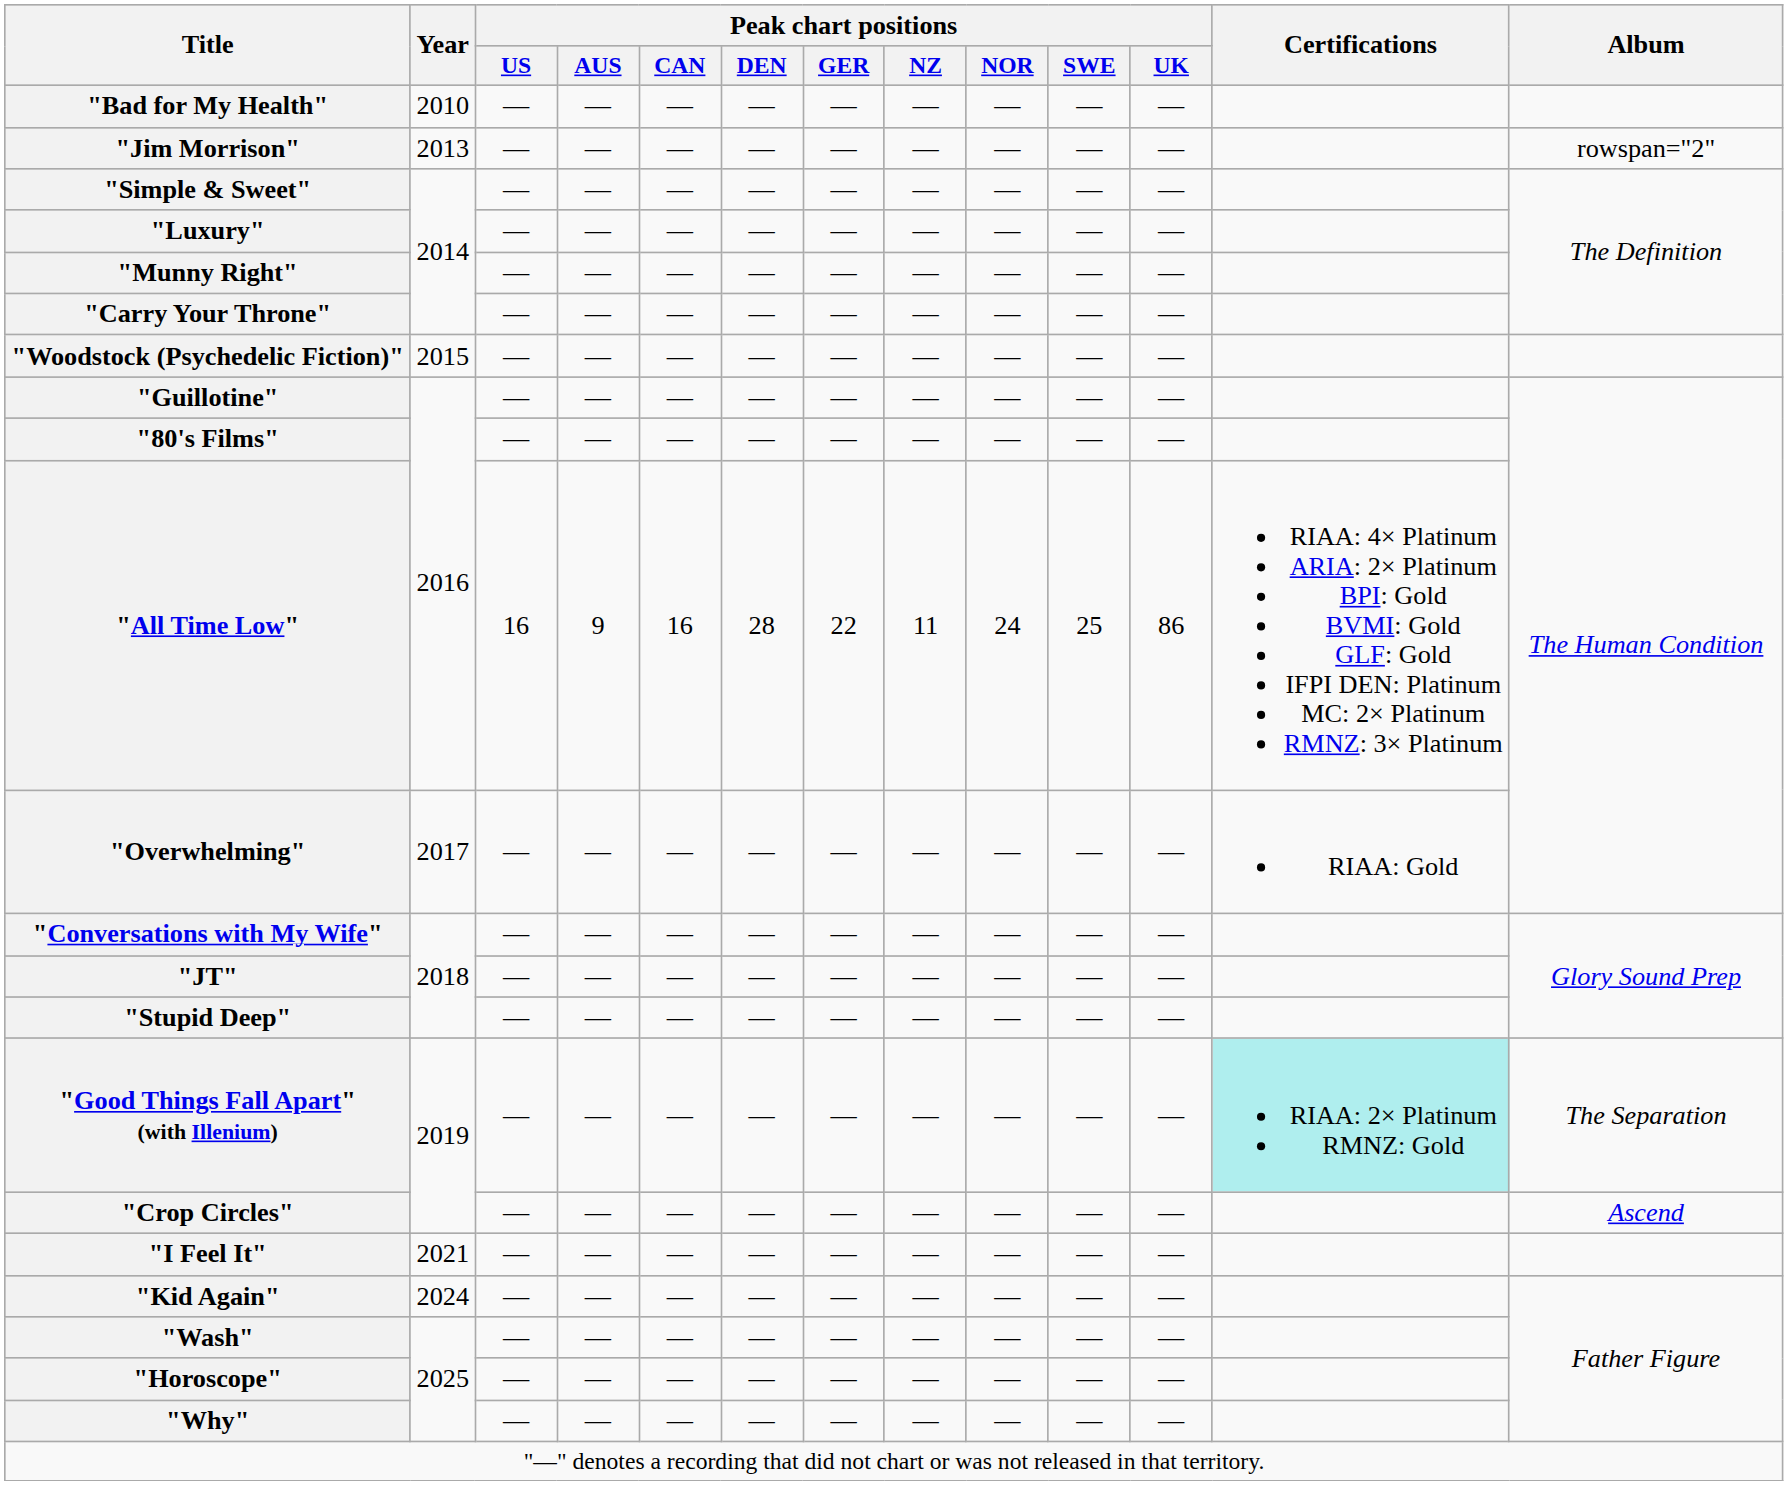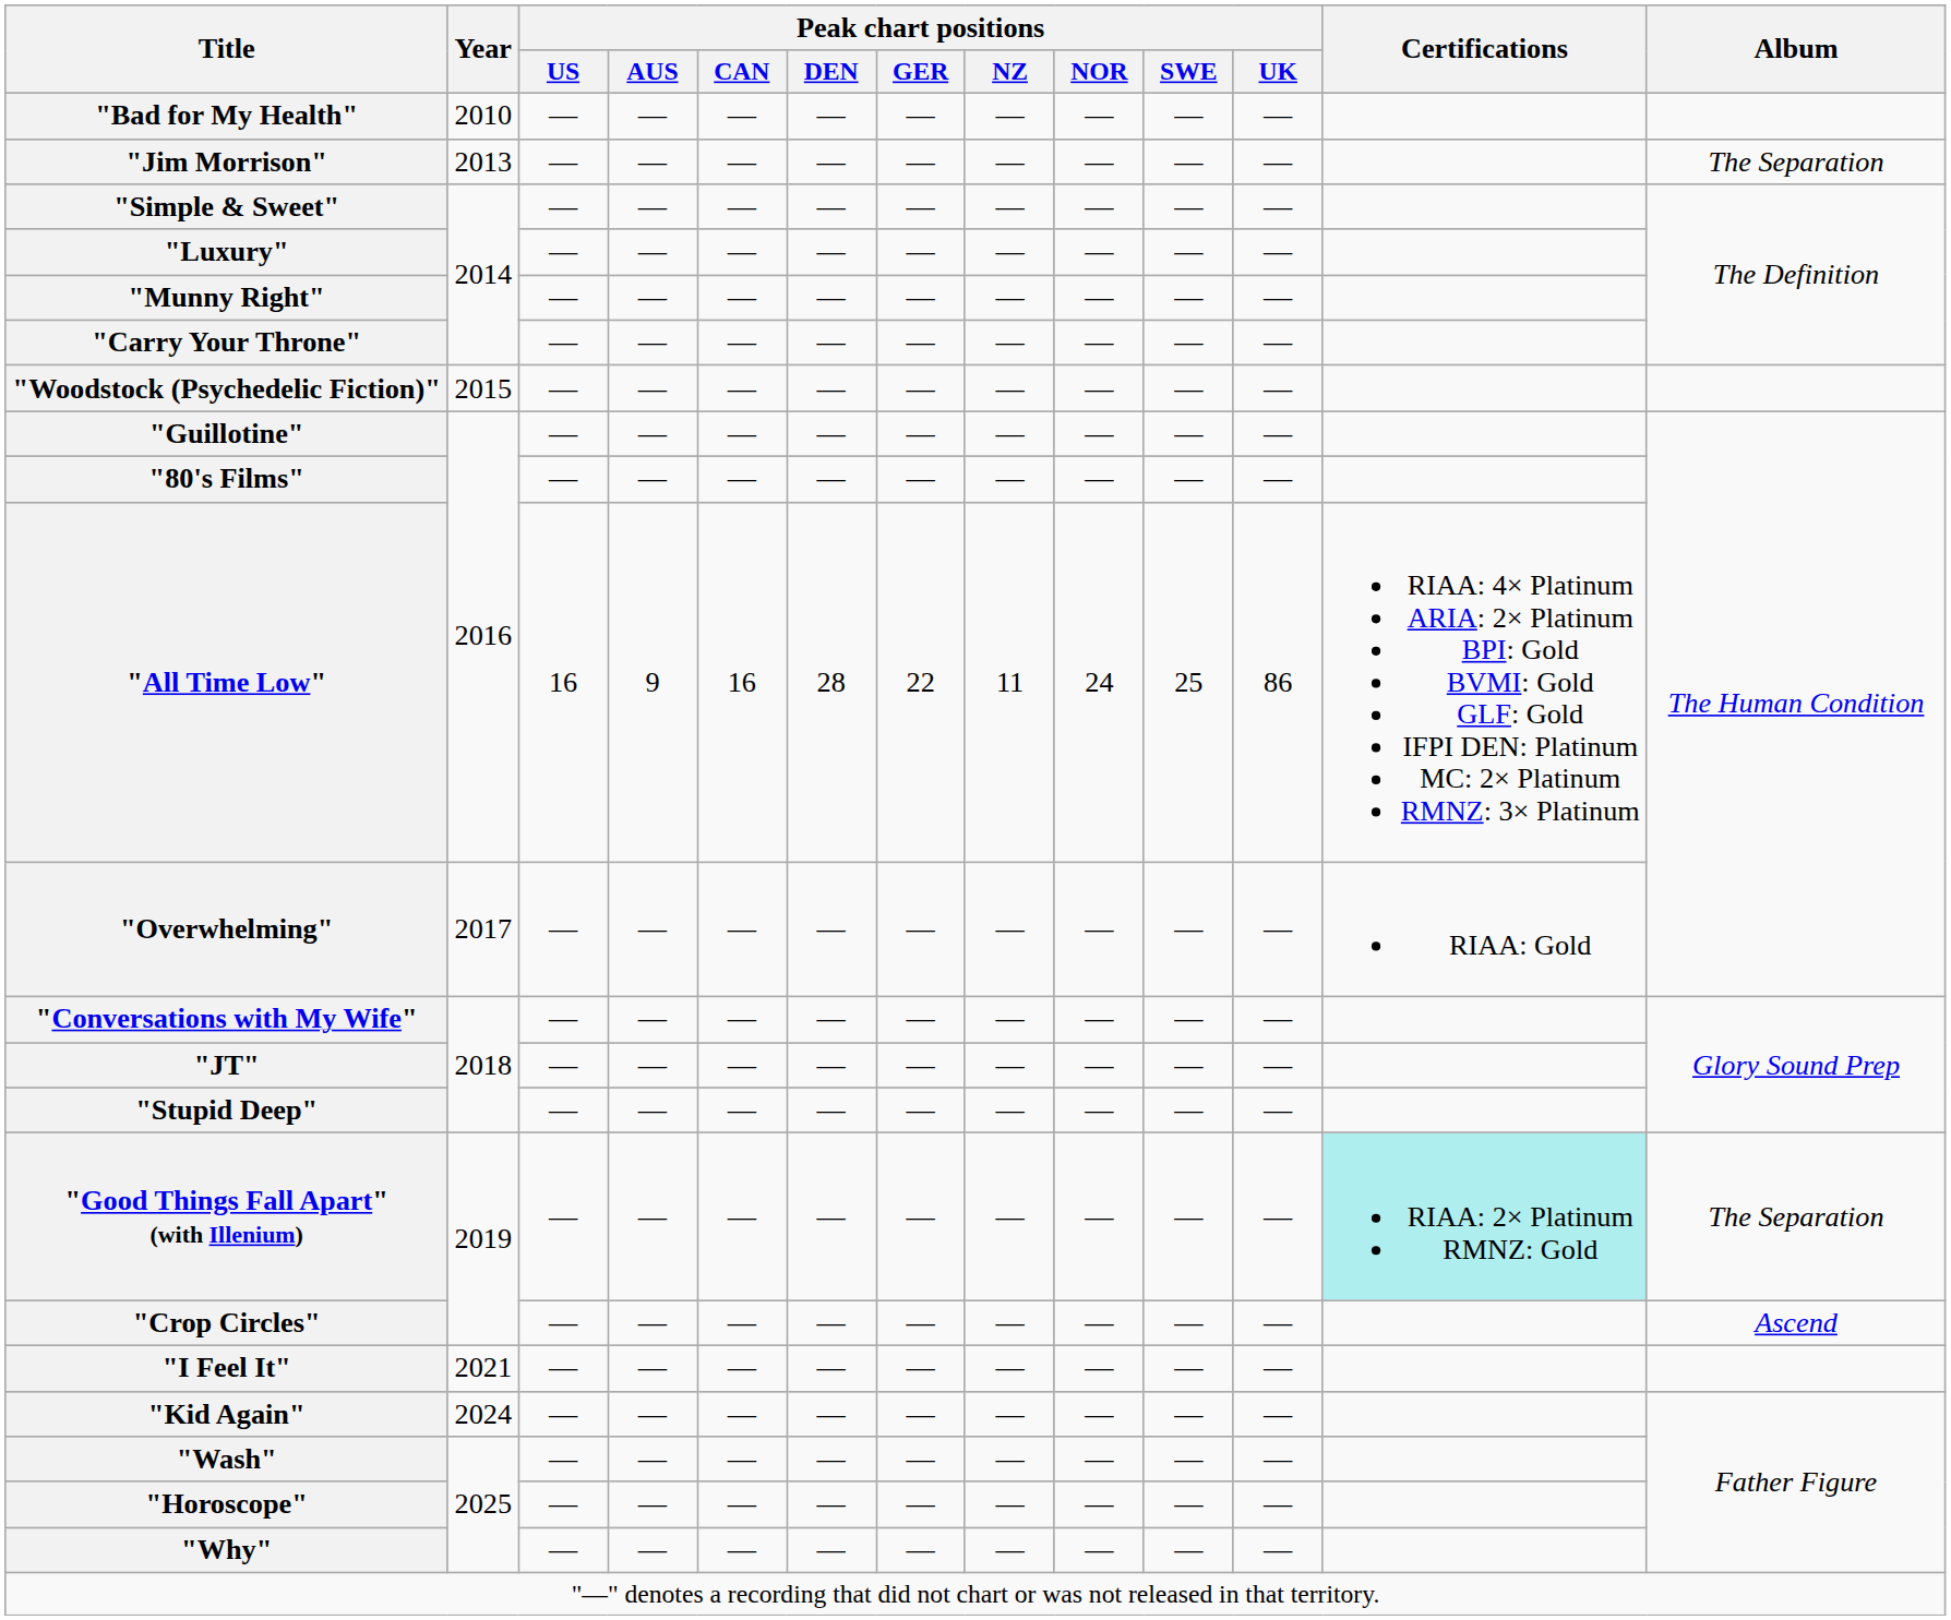 <table class="wikitable plainrowheaders" style="text-align:center;">
 <tr>
 <th scope="col" rowspan="2" style="width:15em;">Title</th>
 <th scope="col" rowspan="2" style="width:1em;">Year</th>
 <th scope="col" colspan="9">Peak chart positions</th>
 <th scope="col" rowspan="2">Certifications</th>
 <th scope="col" rowspan="2" style="width:10em;">Album</th>
 </tr>
 <tr>
 <th scope="col" style="width:3em;font-size:90%;"><a href='#'>US</a><br></th>
 <th scope="col" style="width:3em;font-size:90%;"><a href='#'>AUS</a><br></th>
 <th scope="col" style="width:3em;font-size:90%;"><a href='#'>CAN</a><br></th>
 <th scope="col" style="width:3em;font-size:90%;"><a href='#'>DEN</a><br></th>
 <th scope="col" style="width:3em;font-size:90%;"><a href='#'>GER</a><br></th>
 <th scope="col" style="width:3em;font-size:90%;"><a href='#'>NZ</a><br></th>
 <th scope="col" style="width:3em;font-size:90%;"><a href='#'>NOR</a><br></th>
 <th scope="col" style="width:3em;font-size:90%;"><a href='#'>SWE</a><br></th>
 <th scope="col" style="width:3em;font-size:90%;"><a href='#'>UK</a><br></th>
 </tr>
 <tr>
 <th scope="row">"Bad for My Health"</th>
 <td>2010</td>
 <td>—</td>
 <td>—</td>
 <td>—</td>
 <td>—</td>
 <td>—</td>
 <td>—</td>
 <td>—</td>
 <td>—</td>
 <td>—</td>
 <td></td>
 <td></td>
 </tr>
 <tr>
 <th scope="row">"Jim Morrison"</th>
 <td>2013</td>
 <td>—</td>
 <td>—</td>
 <td>—</td>
 <td>—</td>
 <td>—</td>
 <td>—</td>
 <td>—</td>
 <td>—</td>
 <td>—</td>
 <td></td>
-<td>rowspan="2" </td>
+<td><em>The Separation</em></td>
 </tr>
 <tr>
 <th scope="row">"Simple & Sweet"</th>
 <td rowspan="4">2014</td>
 <td>—</td>
 <td>—</td>
 <td>—</td>
 <td>—</td>
 <td>—</td>
 <td>—</td>
 <td>—</td>
 <td>—</td>
 <td>—</td>
 <td></td>
 <td rowspan="4"><em>The Definition</em></td>
 </tr>
 <tr>
 <th scope="row">"Luxury"</th>
 <td>—</td>
 <td>—</td>
 <td>—</td>
 <td>—</td>
 <td>—</td>
 <td>—</td>
 <td>—</td>
 <td>—</td>
 <td>—</td>
 <td></td>
 </tr>
 <tr>
 <th scope="row">"Munny Right"</th>
 <td>—</td>
 <td>—</td>
 <td>—</td>
 <td>—</td>
 <td>—</td>
 <td>—</td>
 <td>—</td>
 <td>—</td>
 <td>—</td>
 <td></td>
 </tr>
 <tr>
 <th scope="row">"Carry Your Throne"</th>
 <td>—</td>
 <td>—</td>
 <td>—</td>
 <td>—</td>
 <td>—</td>
 <td>—</td>
 <td>—</td>
 <td>—</td>
 <td>—</td>
 <td></td>
 </tr>
 <tr>
 <th scope="row">"Woodstock (Psychedelic Fiction)"</th>
 <td>2015</td>
 <td>—</td>
 <td>—</td>
 <td>—</td>
 <td>—</td>
 <td>—</td>
 <td>—</td>
 <td>—</td>
 <td>—</td>
 <td>—</td>
 <td></td>
 <td></td>
 </tr>
 <tr>
 <th scope="row">"Guillotine" </th>
 <td rowspan="3">2016</td>
 <td>—</td>
 <td>—</td>
 <td>—</td>
 <td>—</td>
 <td>—</td>
 <td>—</td>
 <td>—</td>
 <td>—</td>
 <td>—</td>
 <td></td>
 <td rowspan="4"><em><a href='#'>The Human Condition</a></em></td>
 </tr>
 <tr>
 <th scope="row">"80's Films"</th>
 <td>—</td>
 <td>—</td>
 <td>—</td>
 <td>—</td>
 <td>—</td>
 <td>—</td>
 <td>—</td>
 <td>—</td>
 <td>—</td>
 <td></td>
 </tr>
 <tr>
 <th scope="row">"<a href='#'>All Time Low</a>"</th>
 <td>16</td>
 <td>9</td>
 <td>16</td>
 <td>28</td>
 <td>22</td>
 <td>11</td>
 <td>24</td>
 <td>25</td>
 <td>86</td>
 <td><br><ul><li>RIAA: 4× Platinum</li><li><a href='#'>ARIA</a>: 2× Platinum</li><li><a href='#'>BPI</a>: Gold</li><li><a href='#'>BVMI</a>: Gold</li><li><a href='#'>GLF</a>: Gold</li><li>IFPI DEN: Platinum</li><li>MC: 2× Platinum</li><li><a href='#'>RMNZ</a>: 3× Platinum</li></ul></td>
 </tr>
 <tr>
 <th scope="row">"Overwhelming"</th>
 <td>2017</td>
 <td>—</td>
 <td>—</td>
 <td>—</td>
 <td>—</td>
 <td>—</td>
 <td>—</td>
 <td>—</td>
 <td>—</td>
 <td>—</td>
 <td><br><ul><li>RIAA: Gold</li></ul></td>
 </tr>
 <tr>
 <th scope="row">"<a href='#'>Conversations with My Wife</a>"</th>
 <td rowspan="3">2018</td>
 <td>—</td>
 <td>—</td>
 <td>—</td>
 <td>—</td>
 <td>—</td>
 <td>—</td>
 <td>—</td>
 <td>—</td>
 <td>—</td>
 <td></td>
 <td rowspan="3"><em><a href='#'>Glory Sound Prep</a></em></td>
 </tr>
 <tr>
 <th scope="row">"JT"</th>
 <td>—</td>
 <td>—</td>
 <td>—</td>
 <td>—</td>
 <td>—</td>
 <td>—</td>
 <td>—</td>
 <td>—</td>
 <td>—</td>
 <td></td>
 </tr>
 <tr>
 <th scope="row">"Stupid Deep"</th>
 <td>—</td>
 <td>—</td>
 <td>—</td>
 <td>—</td>
 <td>—</td>
 <td>—</td>
 <td>—</td>
 <td>—</td>
 <td>—</td>
 <td></td>
 </tr>
 <tr>
 <th scope="row">"<a href='#'>Good Things Fall Apart</a>" <br><small>(with <a href='#'>Illenium</a>)</small></th>
 <td rowspan="2">2019</td>
 <td>—</td>
 <td>—</td>
 <td>—</td>
 <td>—</td>
 <td>—</td>
 <td>—</td>
 <td>—</td>
 <td>—</td>
 <td>—</td>
 <td style="background: paleturquoise;"><br><ul><li>RIAA: 2× Platinum</li><li>RMNZ: Gold</li></ul></td>
 <td><em>The Separation</em></td>
 </tr>
 <tr>
 <th scope="row">"Crop Circles"</th>
 <td>—</td>
 <td>—</td>
 <td>—</td>
 <td>—</td>
 <td>—</td>
 <td>—</td>
 <td>—</td>
 <td>—</td>
 <td>—</td>
 <td></td>
 <td rowspan="1"><em><a href='#'>Ascend</a></em></td>
 </tr>
 <tr>
 <th scope="row">"I Feel It" </th>
 <td>2021</td>
 <td>—</td>
 <td>—</td>
 <td>—</td>
 <td>—</td>
 <td>—</td>
 <td>—</td>
 <td>—</td>
 <td>—</td>
 <td>—</td>
 <td></td>
 </tr>
 <tr>
 <th scope="row">"Kid Again"</th>
 <td>2024</td>
 <td>—</td>
 <td>—</td>
 <td>—</td>
 <td>—</td>
 <td>—</td>
 <td>—</td>
 <td>—</td>
 <td>—</td>
 <td>—</td>
 <td></td>
 <td rowspan="4"><em>Father Figure</em></td>
 </tr>
 <tr>
 <th scope="row">"Wash"</th>
 <td rowspan="3">2025</td>
 <td>—</td>
 <td>—</td>
 <td>—</td>
 <td>—</td>
 <td>—</td>
 <td>—</td>
 <td>—</td>
 <td>—</td>
 <td>—</td>
 <td></td>
 </tr>
 <tr>
 <th scope="row">"Horoscope" </th>
 <td>—</td>
 <td>—</td>
 <td>—</td>
 <td>—</td>
 <td>—</td>
 <td>—</td>
 <td>—</td>
 <td>—</td>
 <td>—</td>
 <td></td>
 </tr>
 <tr>
 <th scope="row">"Why" </th>
 <td>—</td>
 <td>—</td>
 <td>—</td>
 <td>—</td>
 <td>—</td>
 <td>—</td>
 <td>—</td>
 <td>—</td>
 <td>—</td>
 <td></td>
 </tr>
 <tr>
 <td colspan="13" style="font-size:90%">"—" denotes a recording that did not chart or was not released in that territory.</td>
 </tr>
 </table>
